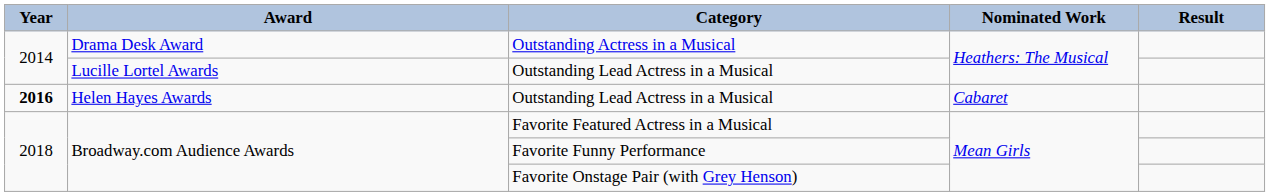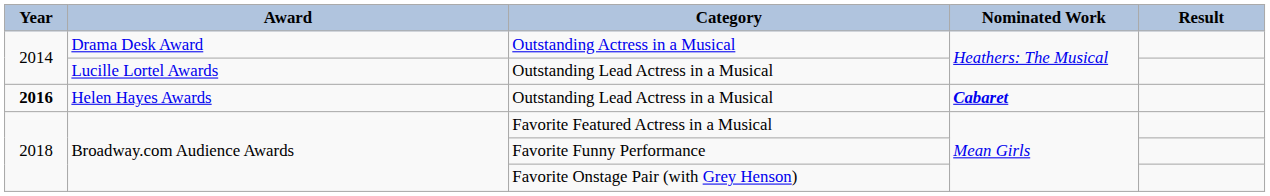 <table class="wikitable" width="95%">
 <tr align="center">
 <th style="background:#B0C4DE; width:5%">Year</th>
 <th style="background:#B0C4DE; width:35%">Award</th>
 <th style="background:#B0C4DE; width:35%">Category</th>
 <th style="background:#B0C4DE; width:15%">Nominated Work</th>
 <th style="background:#B0C4DE; width:10%">Result</th>
 </tr>
 <tr>
 <td rowspan="2" align="center">2014</td>
 <td><a href='#'>Drama Desk Award</a></td>
 <td><a href='#'>Outstanding Actress in a Musical</a></td>
 <td rowspan="2"><em><a href='#'>Heathers: The Musical</a></em></td>
 <td></td>
 </tr>
 <tr>
 <td><a href='#'>Lucille Lortel Awards</a></td>
 <td>Outstanding Lead Actress in a Musical</td>
 <td></td>
 </tr>
 <tr>
 <td align="center"><strong>2016</strong></td>
 <td><a href='#'>Helen Hayes Awards</a></td>
 <td>Outstanding Lead Actress in a Musical</td>
-<td><em><a href='#'>Cabaret</a></em></td>
+<td><strong><em><a href='#'>Cabaret</a></em></strong></td>
 <td></td>
 </tr>
 <tr>
 <td align="center" rowspan="3">2018</td>
 <td rowspan="3">Broadway.com Audience Awards</td>
 <td>Favorite Featured Actress in a Musical</td>
 <td rowspan="3"><em><a href='#'>Mean Girls</a></em></td>
 <td></td>
 </tr>
 <tr>
 <td>Favorite Funny Performance</td>
 <td></td>
 </tr>
 <tr>
 <td>Favorite Onstage Pair (with <a href='#'>Grey Henson</a>)</td>
 <td></td>
 </tr>
 </table>
